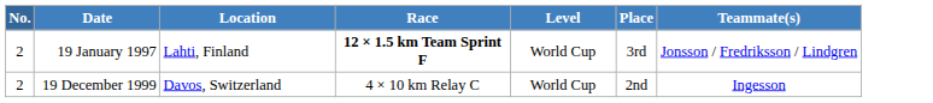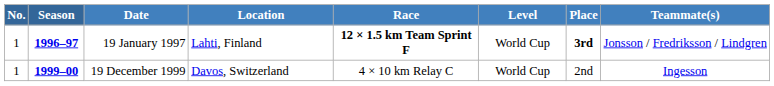 <table class="wikitable sortable" style="font-size:95%; text-align:center; border:grey solid 1px; border-collapse:collapse; background:#ffffff;">
 <tr style="background:#efefef;">
 <th style="background-color:#369; color:white;">No.</th>
+<th style="background-color:#369; color:white;">Season</th>
 <th style="background-color:#4180be; color:white; width:120px;">Date</th>
 <th style="background-color:#4180be; color:white; width:170px;">Location</th>
 <th style="background-color:#4180be; color:white; width:170px;">Race</th>
 <th style="background-color:#4180be; color:white; width:100px;">Level</th>
 <th style="background-color:#4180be; color:white;">Place</th>
 <th style="background-color:#4180be; color:white;">Teammate(s)</th>
 </tr>
 <tr>
-<td align=center>2</td>
+<td align=center>1</td>
+<td rowspan=1 align=center><strong> <a href='#'>1996–97</a> </strong></td>
 <td align=right>19 January 1997</td>
 <td align=left> <a href='#'>Lahti</a>, Finland</td>
 <td><strong>12 × 1.5 km Team Sprint F</strong></td>
 <td>World Cup</td>
-<td>3rd</td>
+<td><strong>3rd</strong></td>
 <td><a href='#'>Jonsson</a> / <a href='#'>Fredriksson</a> / <a href='#'>Lindgren</a></td>
 </tr>
 <tr>
-<td align=center>2</td>
+<td align=center>1</td>
+<td rowspan=1 align=center><strong> <a href='#'>1999–00</a> </strong></td>
 <td align=right>19 December 1999</td>
 <td align=left> <a href='#'>Davos</a>, Switzerland</td>
 <td>4 × 10 km Relay C</td>
 <td>World Cup</td>
 <td>2nd</td>
 <td><a href='#'>Ingesson</a></td>
 </tr>
 </table>
